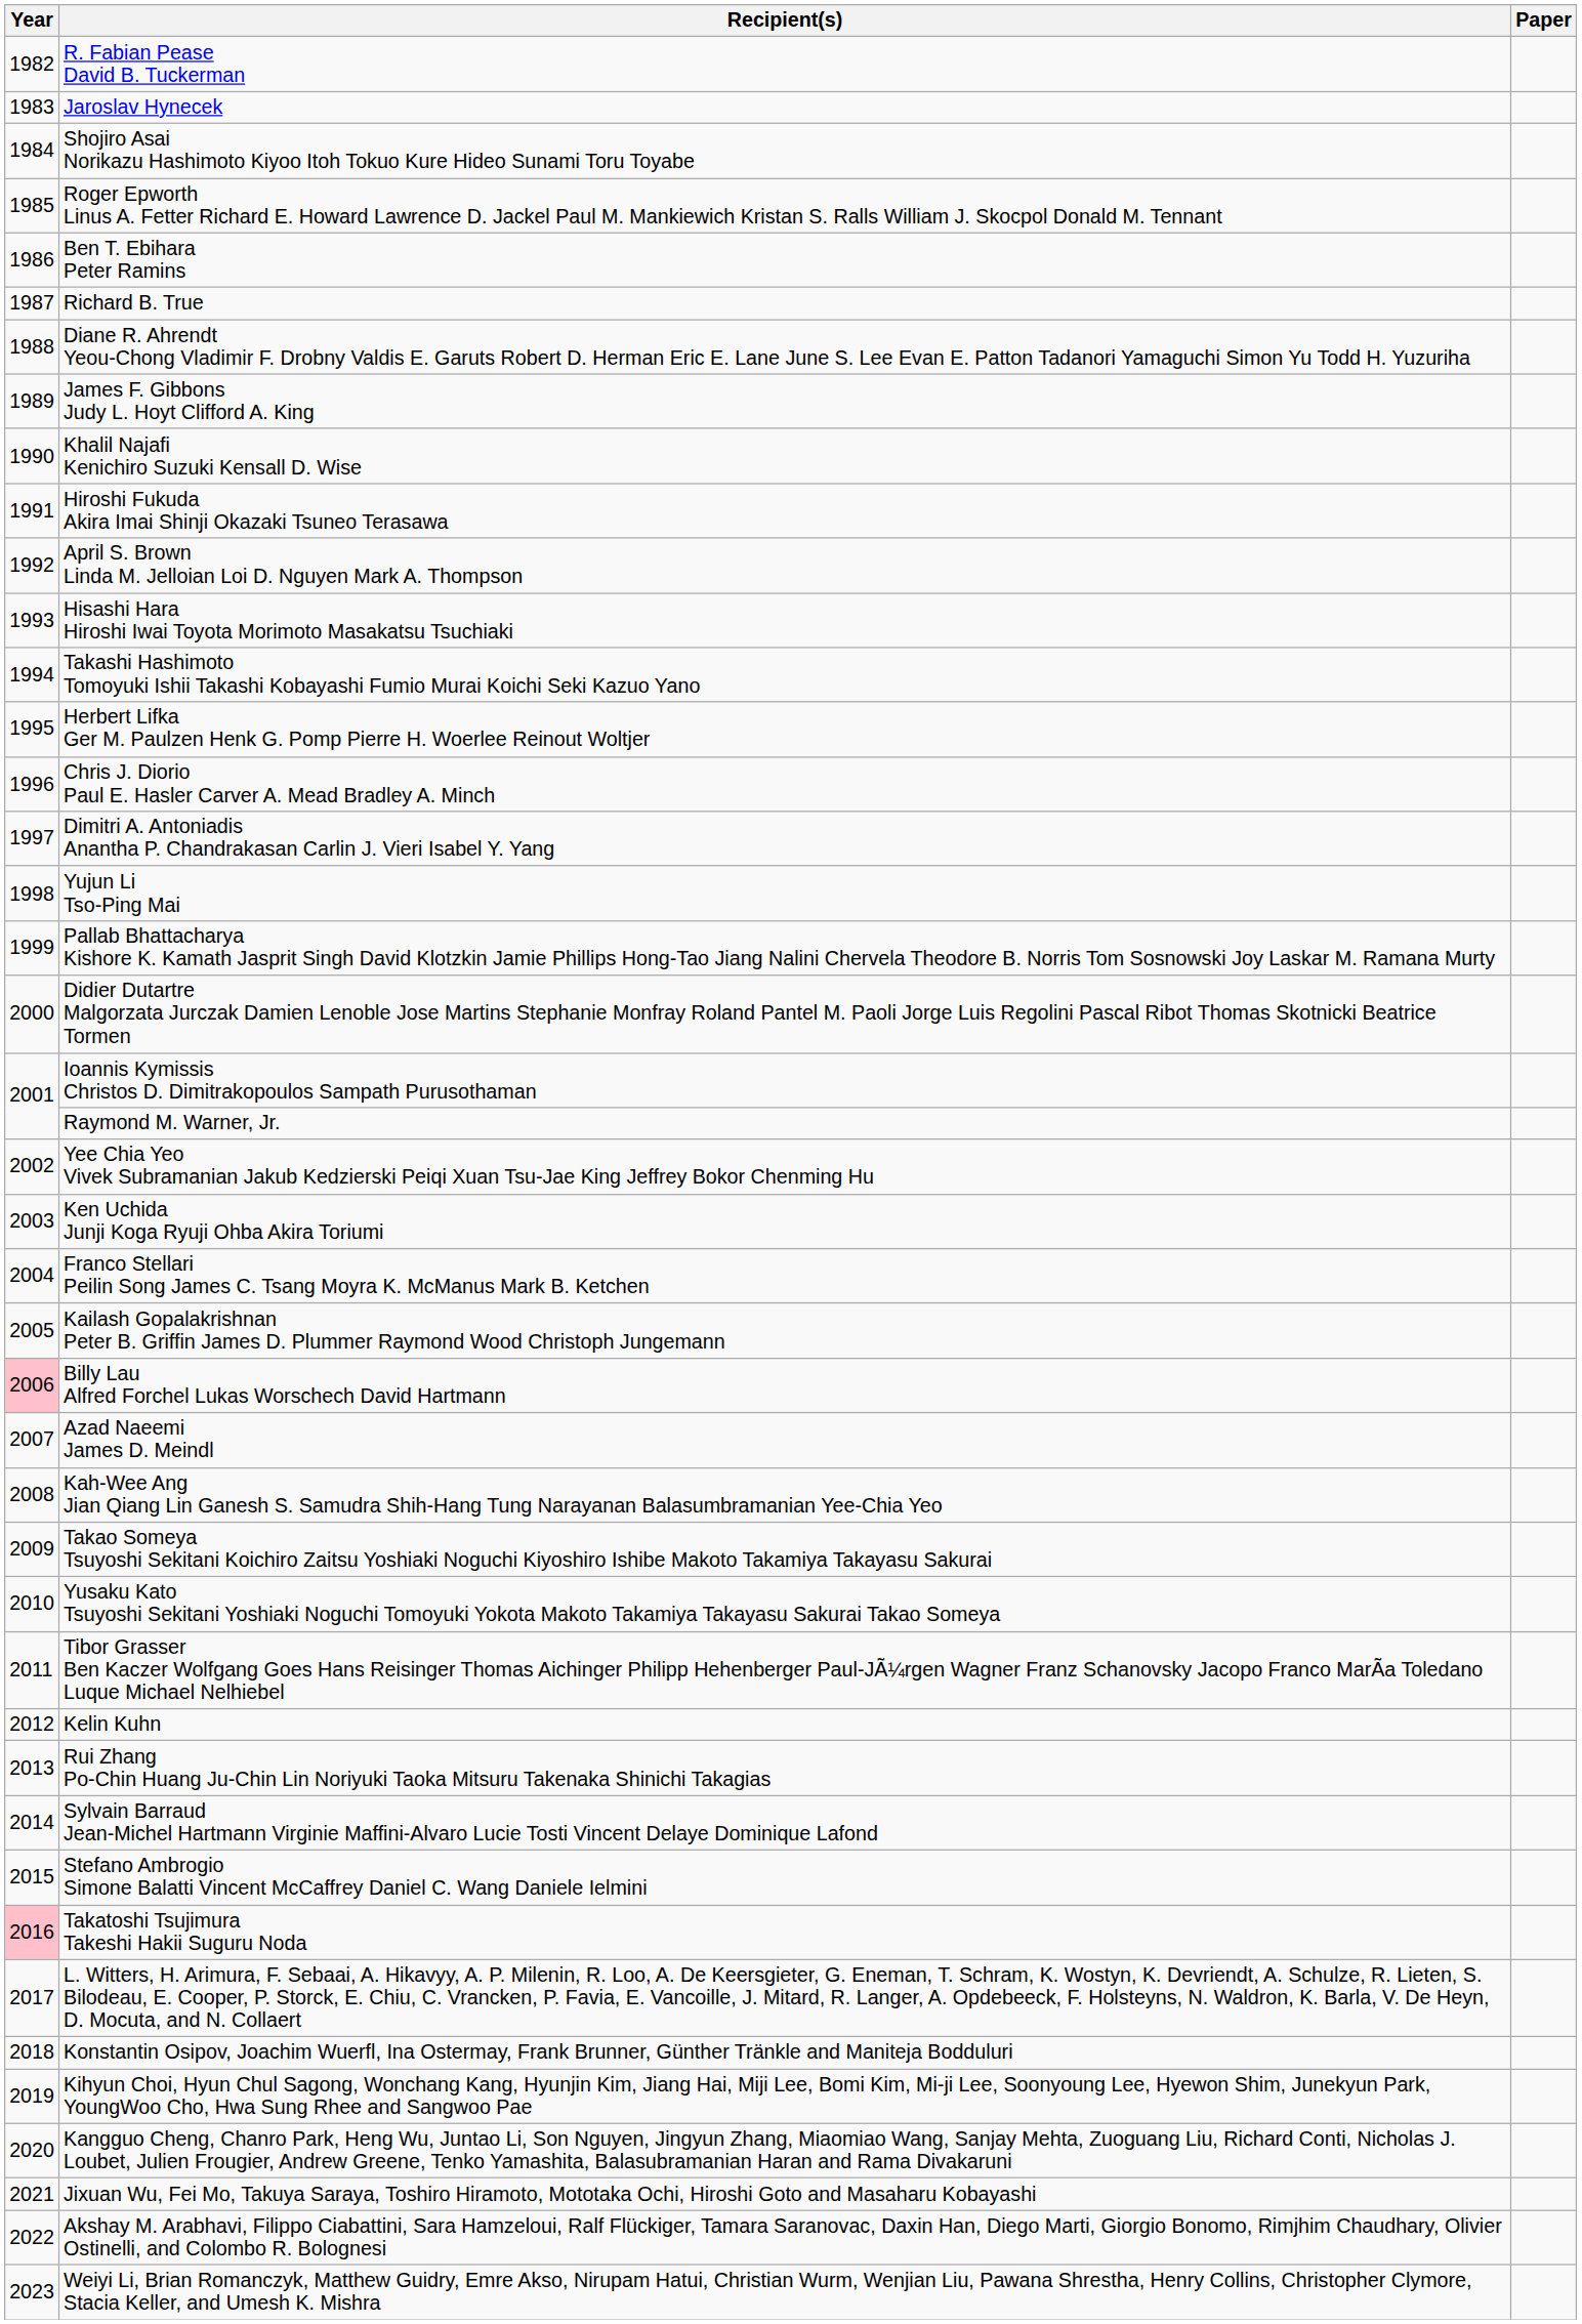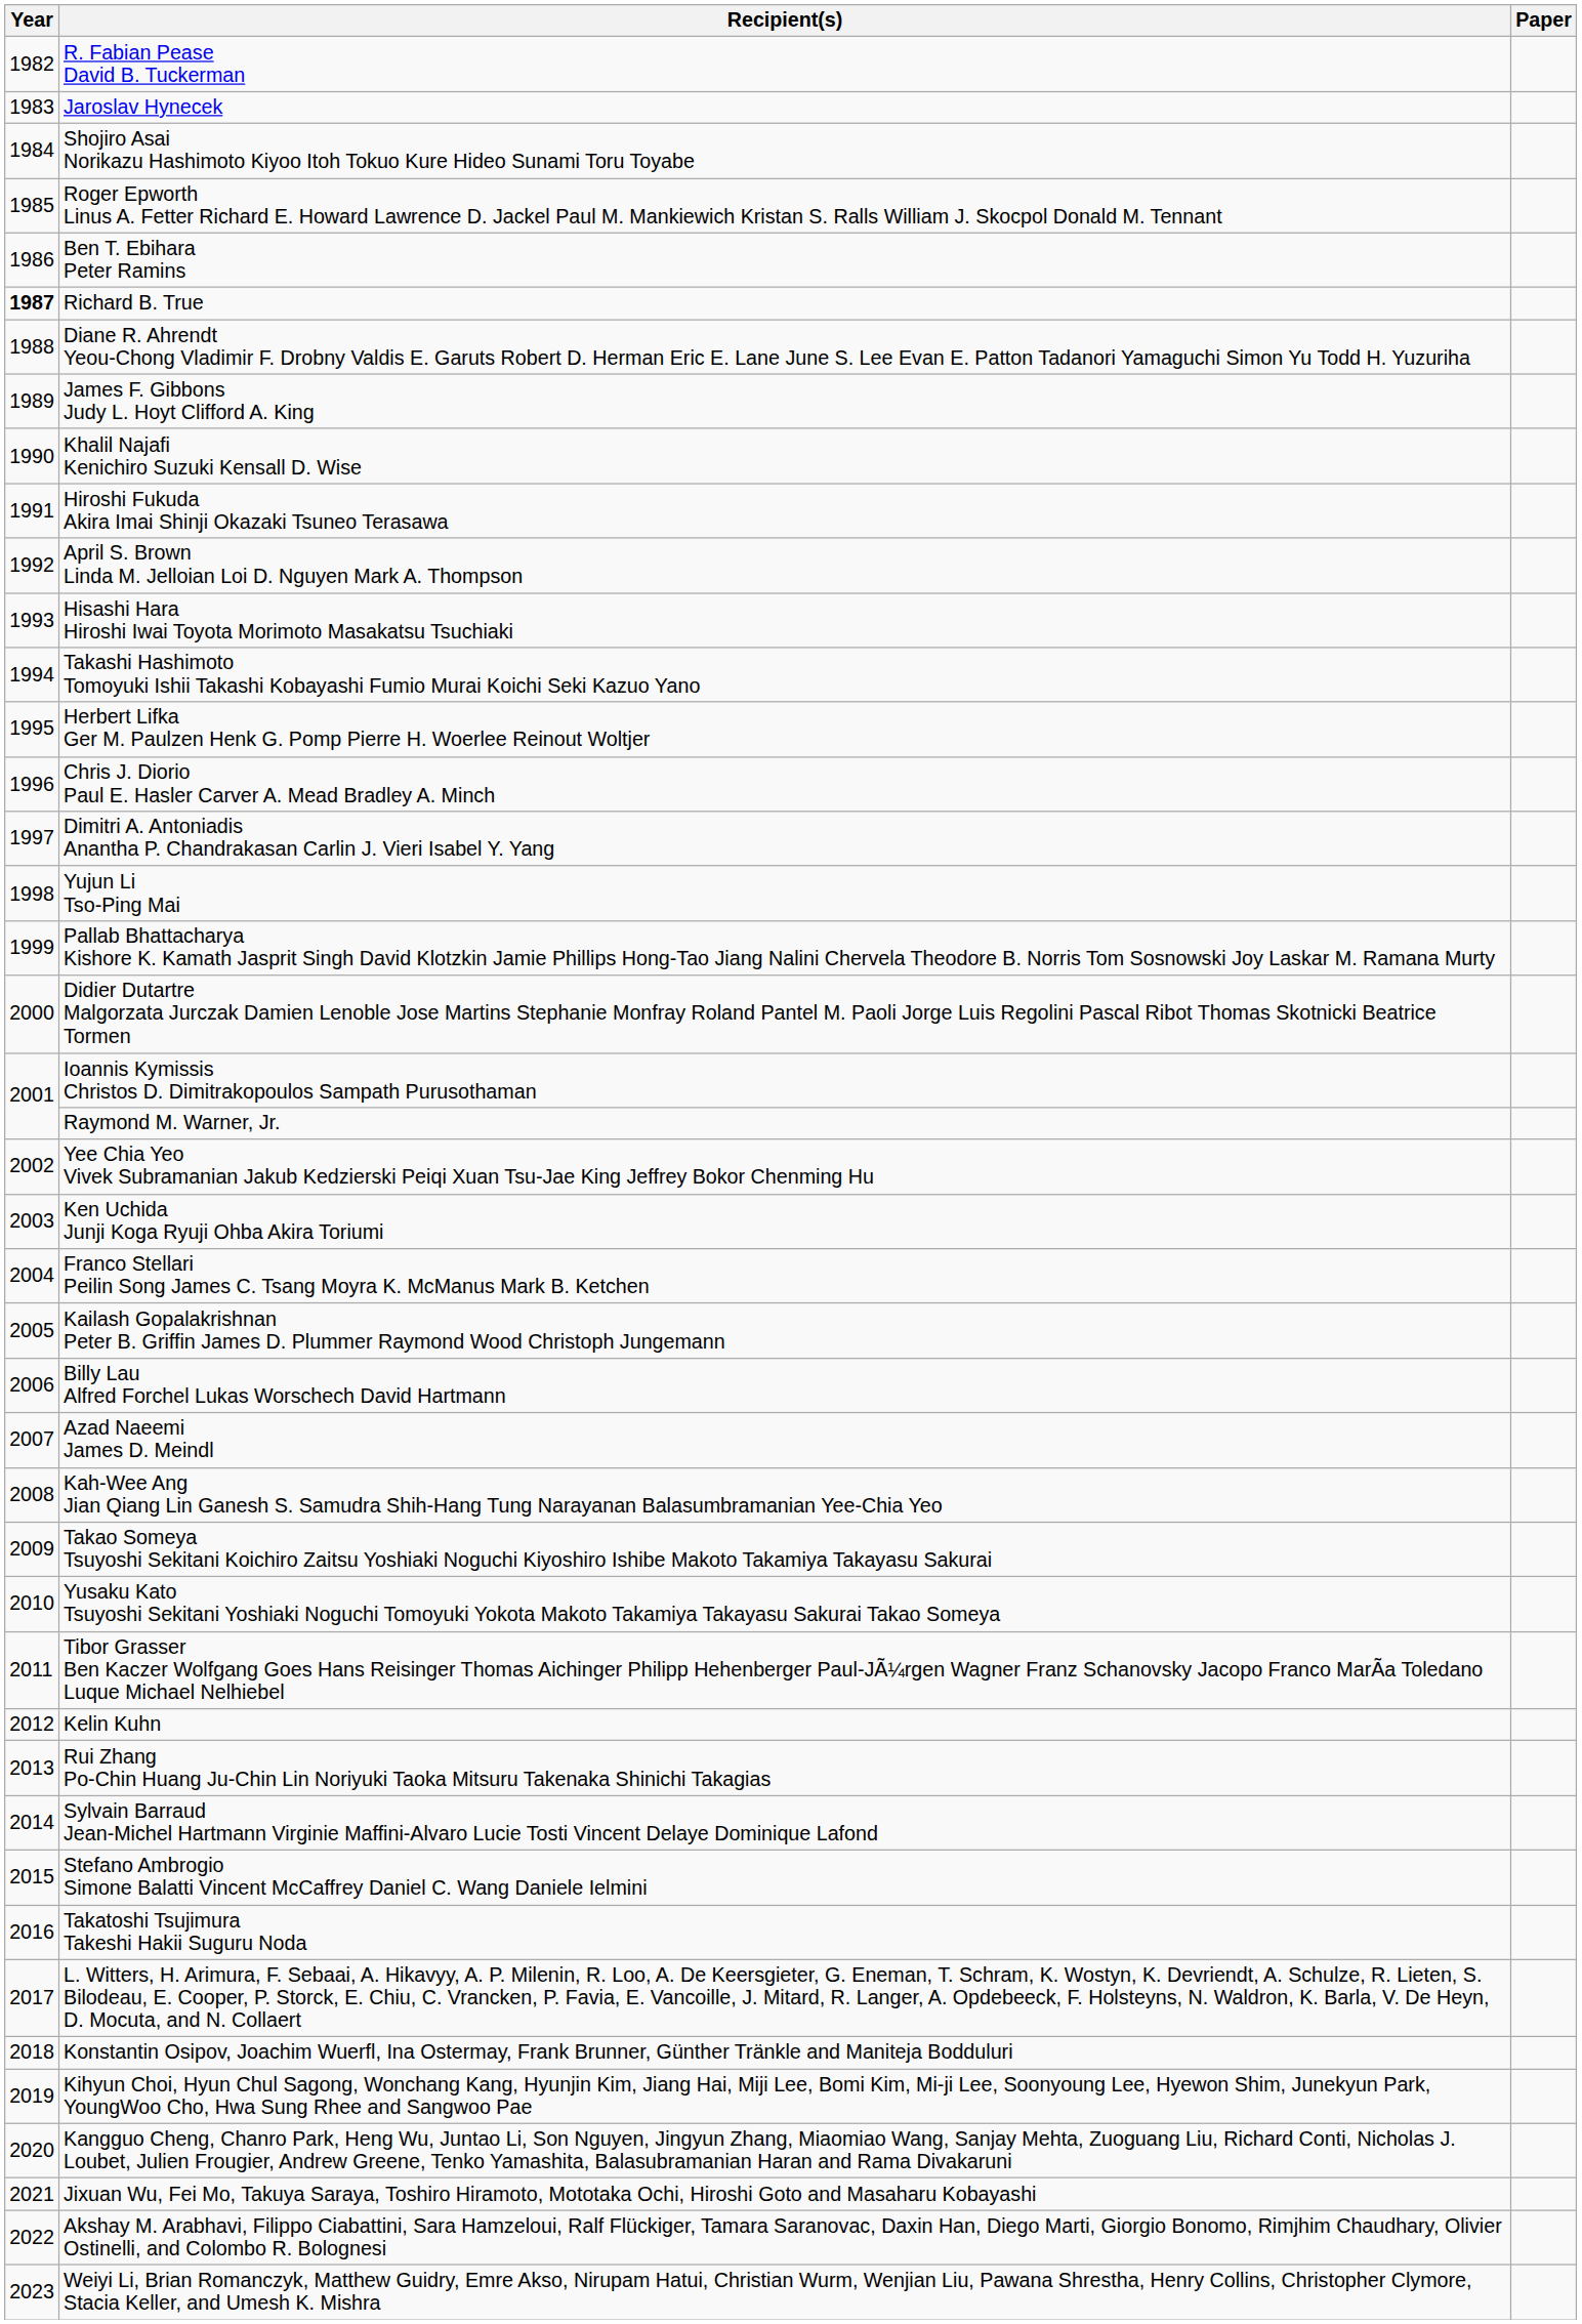 <table class="wikitable">
 <tr>
 <th>Year</th>
 <th>Recipient(s)</th>
 <th>Paper</th>
 </tr>
 <tr>
 <td>1982</td>
 <td><a href='#'>R. Fabian Pease</a><br><a href='#'>David B. Tuckerman</a></td>
 <td></td>
 </tr>
 <tr>
 <td>1983</td>
 <td><a href='#'>Jaroslav Hynecek</a></td>
 <td></td>
 </tr>
 <tr>
 <td>1984</td>
 <td>Shojiro Asai<br>Norikazu Hashimoto  Kiyoo Itoh  Tokuo Kure  Hideo Sunami  Toru Toyabe</td>
 <td></td>
 </tr>
 <tr>
 <td>1985</td>
 <td>Roger Epworth<br>Linus A. Fetter  Richard E. Howard  Lawrence D. Jackel  Paul M. Mankiewich  Kristan S. Ralls  William J. Skocpol  Donald M. Tennant</td>
 <td></td>
 </tr>
 <tr>
 <td>1986</td>
 <td>Ben T. Ebihara<br>Peter Ramins</td>
 <td></td>
 </tr>
 <tr>
-<td>1987</td>
+<td><strong>1987</strong></td>
 <td>Richard B. True</td>
 <td></td>
 </tr>
 <tr>
 <td>1988</td>
 <td>Diane R. Ahrendt<br>Yeou-Chong  Vladimir F. Drobny  Valdis E. Garuts  Robert D. Herman  Eric E. Lane  June S. Lee  Evan E. Patton  Tadanori Yamaguchi  Simon Yu  Todd H. Yuzuriha</td>
 <td></td>
 </tr>
 <tr>
 <td>1989</td>
 <td>James F. Gibbons<br>Judy L. Hoyt  Clifford A. King</td>
 <td></td>
 </tr>
 <tr>
 <td>1990</td>
 <td>Khalil Najafi<br>Kenichiro Suzuki  Kensall D. Wise</td>
 <td></td>
 </tr>
 <tr>
 <td>1991</td>
 <td>Hiroshi Fukuda<br>Akira Imai  Shinji Okazaki  Tsuneo Terasawa</td>
 <td></td>
 </tr>
 <tr>
 <td>1992</td>
 <td>April S. Brown<br>Linda M. Jelloian  Loi D. Nguyen  Mark A. Thompson</td>
 <td></td>
 </tr>
 <tr>
 <td>1993</td>
 <td>Hisashi Hara<br>Hiroshi Iwai  Toyota Morimoto  Masakatsu Tsuchiaki</td>
 <td></td>
 </tr>
 <tr>
 <td>1994</td>
 <td>Takashi Hashimoto<br>Tomoyuki Ishii  Takashi Kobayashi  Fumio Murai  Koichi Seki  Kazuo Yano</td>
 <td></td>
 </tr>
 <tr>
 <td>1995</td>
 <td>Herbert Lifka<br>Ger M. Paulzen  Henk G. Pomp  Pierre H. Woerlee  Reinout Woltjer</td>
 <td></td>
 </tr>
 <tr>
 <td>1996</td>
 <td>Chris J. Diorio<br>Paul E. Hasler  Carver A. Mead  Bradley A. Minch</td>
 <td></td>
 </tr>
 <tr>
 <td>1997</td>
 <td>Dimitri A. Antoniadis<br>Anantha P. Chandrakasan  Carlin J. Vieri  Isabel Y. Yang</td>
 <td></td>
 </tr>
 <tr>
 <td>1998</td>
 <td>Yujun Li<br>Tso-Ping Mai</td>
 <td></td>
 </tr>
 <tr>
 <td>1999</td>
 <td>Pallab Bhattacharya<br>Kishore K. Kamath  Jasprit Singh  David Klotzkin  Jamie Phillips  Hong-Tao Jiang  Nalini Chervela  Theodore B. Norris  Tom Sosnowski  Joy Laskar  M. Ramana Murty</td>
 <td></td>
 </tr>
 <tr>
 <td>2000</td>
 <td>Didier Dutartre<br>Malgorzata Jurczak  Damien Lenoble  Jose Martins  Stephanie Monfray  Roland Pantel  M. Paoli  Jorge Luis Regolini  Pascal Ribot  Thomas Skotnicki  Beatrice Tormen</td>
 <td></td>
 </tr>
 <tr>
 <td rowspan="2">2001</td>
 <td>Ioannis Kymissis<br>Christos D. Dimitrakopoulos  Sampath Purusothaman</td>
 <td></td>
 </tr>
 <tr>
 <td>Raymond M. Warner, Jr.</td>
 <td></td>
 </tr>
 <tr>
 <td>2002</td>
 <td>Yee Chia Yeo<br>Vivek Subramanian  Jakub Kedzierski  Peiqi Xuan  Tsu-Jae King  Jeffrey Bokor  Chenming Hu</td>
 <td></td>
 </tr>
 <tr>
 <td>2003</td>
 <td>Ken Uchida<br>Junji Koga  Ryuji Ohba  Akira Toriumi</td>
 <td></td>
 </tr>
 <tr>
 <td>2004</td>
 <td>Franco Stellari<br>Peilin Song  James C. Tsang  Moyra K. McManus  Mark B. Ketchen</td>
 <td></td>
 </tr>
 <tr>
 <td>2005</td>
 <td>Kailash Gopalakrishnan<br>Peter B. Griffin  James D. Plummer  Raymond Wood  Christoph Jungemann</td>
 <td></td>
 </tr>
 <tr>
-<td style="background: pink;">2006</td>
+<td>2006</td>
 <td>Billy Lau<br>Alfred Forchel  Lukas Worschech  David Hartmann</td>
 <td></td>
 </tr>
 <tr>
 <td>2007</td>
 <td>Azad Naeemi<br>James D. Meindl</td>
 <td></td>
 </tr>
 <tr>
 <td>2008</td>
 <td>Kah-Wee Ang<br>Jian Qiang Lin  Ganesh S. Samudra  Shih-Hang Tung  Narayanan Balasumbramanian  Yee-Chia Yeo</td>
 <td></td>
 </tr>
 <tr>
 <td>2009</td>
 <td>Takao Someya<br>Tsuyoshi Sekitani  Koichiro Zaitsu  Yoshiaki Noguchi  Kiyoshiro Ishibe  Makoto Takamiya  Takayasu Sakurai</td>
 <td></td>
 </tr>
 <tr>
 <td>2010</td>
 <td>Yusaku Kato<br>Tsuyoshi Sekitani  Yoshiaki Noguchi  Tomoyuki Yokota  Makoto Takamiya  Takayasu Sakurai  Takao Someya</td>
 <td></td>
 </tr>
 <tr>
 <td>2011</td>
 <td>Tibor Grasser<br>Ben Kaczer  Wolfgang Goes  Hans Reisinger  Thomas Aichinger  Philipp Hehenberger  Paul-JÃ¼rgen Wagner  Franz Schanovsky  Jacopo Franco  MarÃ­a Toledano Luque  Michael Nelhiebel</td>
 <td></td>
 </tr>
 <tr>
 <td>2012</td>
 <td>Kelin Kuhn</td>
 <td></td>
 </tr>
 <tr>
 <td>2013</td>
 <td>Rui Zhang<br>Po-Chin Huang  Ju-Chin Lin  Noriyuki Taoka  Mitsuru Takenaka  Shinichi Takagias</td>
 <td></td>
 </tr>
 <tr>
 <td>2014</td>
 <td>Sylvain Barraud<br>Jean-Michel Hartmann  Virginie Maffini-Alvaro  Lucie Tosti  Vincent Delaye  Dominique Lafond</td>
 <td></td>
 </tr>
 <tr>
 <td>2015</td>
 <td>Stefano Ambrogio<br>Simone Balatti Vincent McCaffrey Daniel C. Wang Daniele Ielmini</td>
 <td></td>
 </tr>
 <tr>
-<td style="background: pink;">2016</td>
+<td>2016</td>
 <td>Takatoshi Tsujimura<br>Takeshi Hakii  Suguru Noda</td>
 <td></td>
 </tr>
 <tr>
 <td>2017</td>
 <td>L. Witters, H. Arimura, F. Sebaai, A. Hikavyy, A. P. Milenin, R. Loo, A. De Keersgieter, G. Eneman, T. Schram, K. Wostyn, K. Devriendt, A. Schulze, R. Lieten, S. Bilodeau, E. Cooper, P. Storck, E. Chiu, C. Vrancken, P. Favia, E. Vancoille, J. Mitard, R. Langer, A. Opdebeeck, F. Holsteyns, N. Waldron, K. Barla, V. De Heyn, D. Mocuta, and N. Collaert</td>
 <td></td>
 </tr>
 <tr>
 <td>2018</td>
 <td>Konstantin Osipov, Joachim Wuerfl, Ina Ostermay, Frank Brunner, Günther Tränkle and Maniteja Bodduluri</td>
 <td></td>
 </tr>
 <tr>
 <td>2019</td>
 <td>Kihyun Choi, Hyun Chul Sagong, Wonchang Kang, Hyunjin Kim, Jiang Hai, Miji Lee, Bomi Kim, Mi-ji Lee, Soonyoung Lee, Hyewon Shim, Junekyun Park, YoungWoo Cho, Hwa Sung Rhee and Sangwoo Pae</td>
 <td></td>
 </tr>
 <tr>
 <td>2020</td>
 <td>Kangguo Cheng, Chanro Park, Heng Wu, Juntao Li, Son Nguyen, Jingyun Zhang, Miaomiao Wang, Sanjay Mehta, Zuoguang Liu, Richard Conti, Nicholas J. Loubet, Julien Frougier, Andrew Greene, Tenko Yamashita, Balasubramanian Haran and Rama Divakaruni</td>
 <td></td>
 </tr>
 <tr>
 <td>2021</td>
 <td>Jixuan Wu, Fei Mo, Takuya Saraya, Toshiro Hiramoto, Mototaka Ochi, Hiroshi Goto and Masaharu Kobayashi</td>
 <td></td>
 </tr>
 <tr>
 <td>2022</td>
 <td>Akshay M. Arabhavi, Filippo Ciabattini, Sara Hamzeloui, Ralf Flückiger, Tamara Saranovac, Daxin Han, Diego Marti, Giorgio Bonomo, Rimjhim Chaudhary, Olivier Ostinelli, and Colombo R. Bolognesi</td>
 <td></td>
 </tr>
 <tr>
 <td>2023</td>
 <td>Weiyi Li, Brian Romanczyk, Matthew Guidry, Emre Akso, Nirupam Hatui, Christian Wurm, Wenjian Liu, Pawana Shrestha, Henry Collins, Christopher Clymore, Stacia Keller, and Umesh K. Mishra</td>
 <td></td>
 </tr>
 </table>
